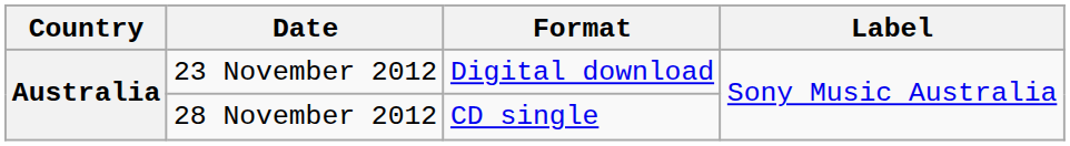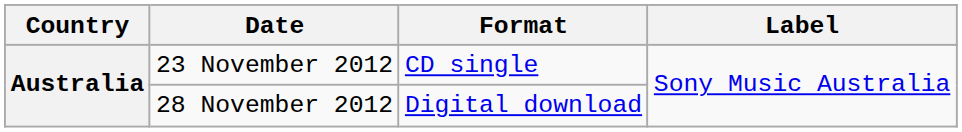 <table class="wikitable plainrowheaders">
 <tr>
 <th scope="col">Country</th>
 <th scope="col">Date</th>
 <th scope="col">Format</th>
 <th scope="col">Label</th>
 </tr>
 <tr>
 <th scope="row" rowspan="2">Australia</th>
 <td>23 November 2012</td>
-<td><a href='#'>Digital download</a></td>
+<td><a href='#'>CD single</a></td>
 <td rowspan="2"><a href='#'>Sony Music Australia</a></td>
 </tr>
 <tr>
 <td>28 November 2012</td>
-<td><a href='#'>CD single</a></td>
+<td><a href='#'>Digital download</a></td>
 </tr>
 </table>
